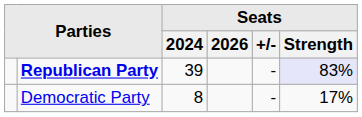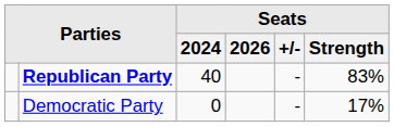 <table class=wikitable>
 <tr>
 <th style="background-color:#E9E9E9" align=center rowspan=2 colspan=2>Parties</th>
 <th style="background-color:#E9E9E9" align=center colspan=5>Seats</th>
 </tr>
 <tr bgcolor=#E9E9E9>
 <th>2024</th>
 <th>2026</th>
 <th>+/-</th>
 <th>Strength</th>
 </tr>
 <tr>
 <td style="background-color:"> </td>
 <td><strong><a href='#'>Republican Party</a></strong></td>
-<td align=right>39</td>
+<td align=right>40</td>
 <td align=right></td>
 <td align=right>-</td>
-<td align=right style="background: lavender;">83%</td>
+<td align=right>83%</td>
 </tr>
 <tr>
 <td style="background-color:"> </td>
 <td><a href='#'>Democratic Party</a></td>
-<td align=right>8</td>
+<td align=right>0</td>
 <td align=right></td>
 <td align=right>-</td>
 <td align=right>17%</td>
 </tr>
 </table>
